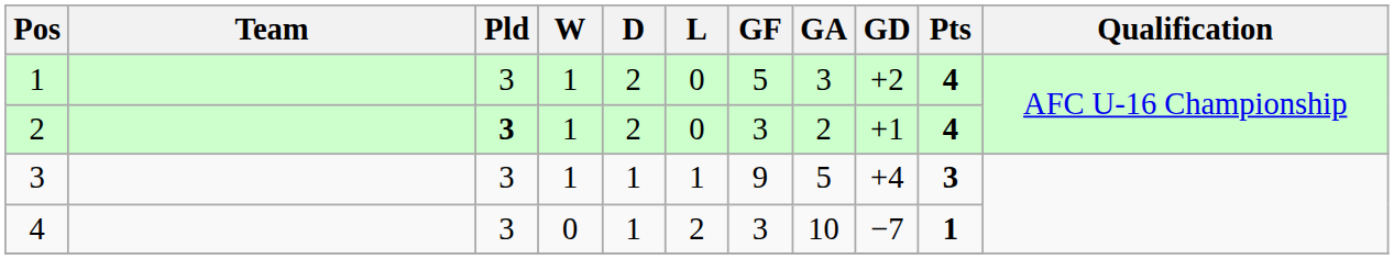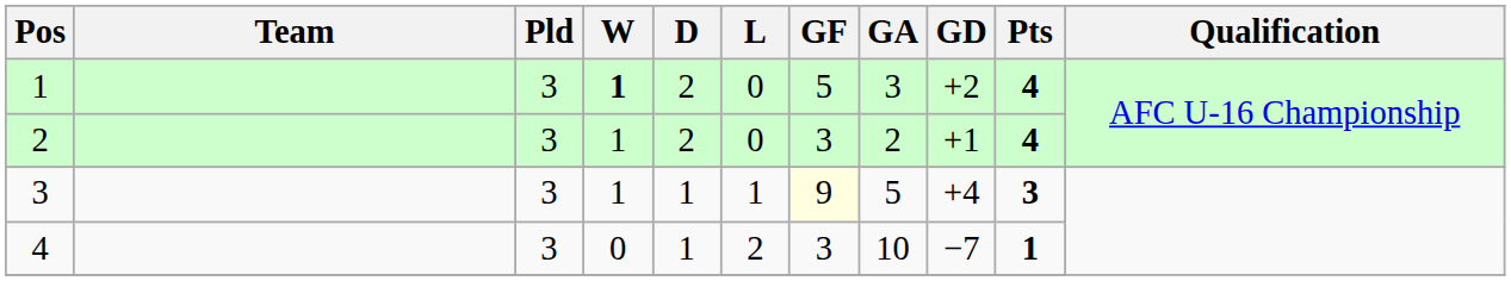 <table class="wikitable" border="1" style="text-align: center;">
 <tr>
 <th width="25"><abbr>Pos</abbr></th>
 <th width="200">Team</th>
 <th width="25"><abbr>Pld</abbr></th>
 <th width="25"><abbr>W</abbr></th>
 <th width="25"><abbr>D</abbr></th>
 <th width="25"><abbr>L</abbr></th>
 <th width="25"><abbr>GF</abbr></th>
 <th width="25"><abbr>GA</abbr></th>
 <th width="25"><abbr>GD</abbr></th>
 <th width="25"><abbr>Pts</abbr></th>
 <th width="200">Qualification</th>
 </tr>
 <tr bgcolor=#CCFFCC>
 <td>1</td>
 <td align="left"></td>
 <td>3</td>
-<td>1</td>
+<td><strong>1</strong></td>
 <td>2</td>
 <td>0</td>
 <td>5</td>
 <td>3</td>
 <td>+2</td>
 <td><strong>4</strong></td>
 <td rowspan=2><a href='#'>AFC U-16 Championship</a></td>
 </tr>
 <tr bgcolor=#CCFFCC>
 <td>2</td>
 <td align="left"></td>
-<td><strong>3</strong></td>
+<td>3</td>
 <td>1</td>
 <td>2</td>
 <td>0</td>
 <td>3</td>
 <td>2</td>
 <td>+1</td>
 <td><strong>4</strong></td>
 </tr>
 <tr>
 <td>3</td>
 <td align="left"></td>
 <td>3</td>
 <td>1</td>
 <td>1</td>
 <td>1</td>
-<td>9</td>
+<td style="background: lightyellow;">9</td>
 <td>5</td>
 <td>+4</td>
 <td><strong>3</strong></td>
 </tr>
 <tr>
 <td>4</td>
 <td align="left"></td>
 <td>3</td>
 <td>0</td>
 <td>1</td>
 <td>2</td>
 <td>3</td>
 <td>10</td>
 <td>−7</td>
 <td><strong>1</strong></td>
 </tr>
 <tr>
 </tr>
 </table>
